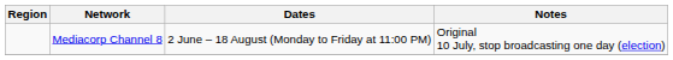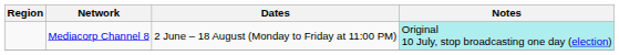 <table class="wikitable">
 <tr>
 <th>Region</th>
 <th>Network</th>
 <th>Dates</th>
 <th>Notes</th>
 </tr>
 <tr>
 <td></td>
 <td><a href='#'>Mediacorp Channel 8</a></td>
 <td>2 June – 18 August (Monday to Friday at 11:00 PM)</td>
-<td>Original<br>10 July, stop broadcasting one day (<a href='#'>election</a>)</td>
+<td style="background: paleturquoise;">Original<br>10 July, stop broadcasting one day (<a href='#'>election</a>)</td>
 </tr>
 <tr>
 </tr>
 </table>
